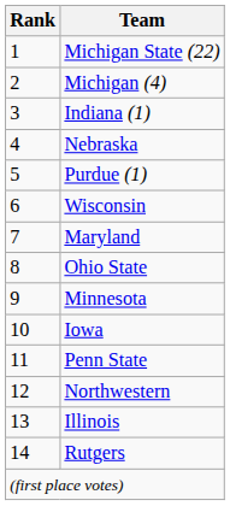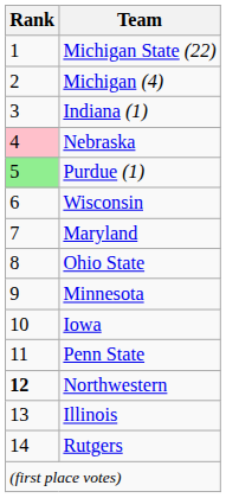 <table class="wikitable floatright">
 <tr>
 <th>Rank</th>
 <th>Team</th>
 </tr>
 <tr>
 <td>1</td>
 <td><a href='#'>Michigan State</a> <em>(22)</em></td>
 </tr>
 <tr>
 <td>2</td>
 <td><a href='#'>Michigan</a> <em>(4)</em></td>
 </tr>
 <tr>
 <td>3</td>
 <td><a href='#'>Indiana</a> <em>(1)</em></td>
 </tr>
 <tr>
-<td>4</td>
+<td style="background: pink;">4</td>
 <td><a href='#'>Nebraska</a></td>
 </tr>
 <tr>
-<td>5</td>
+<td style="background: lightgreen;">5</td>
 <td><a href='#'>Purdue</a> <em>(1)</em></td>
 </tr>
 <tr>
 <td>6</td>
 <td><a href='#'>Wisconsin</a></td>
 </tr>
 <tr>
 <td>7</td>
 <td><a href='#'>Maryland</a></td>
 </tr>
 <tr>
 <td>8</td>
 <td><a href='#'>Ohio State</a></td>
 </tr>
 <tr>
 <td>9</td>
 <td><a href='#'>Minnesota</a></td>
 </tr>
 <tr>
 <td>10</td>
 <td><a href='#'>Iowa</a></td>
 </tr>
 <tr>
 <td>11</td>
 <td><a href='#'>Penn State</a></td>
 </tr>
 <tr>
-<td>12</td>
+<td><strong>12</strong></td>
 <td><a href='#'>Northwestern</a></td>
 </tr>
 <tr>
 <td>13</td>
 <td><a href='#'>Illinois</a></td>
 </tr>
 <tr>
 <td>14</td>
 <td><a href='#'>Rutgers</a></td>
 </tr>
 <tr>
 <td colspan="3" valign="middle"><small><em>(first place votes)</em></small></td>
 </tr>
 </table>
